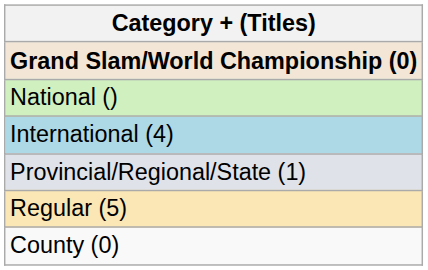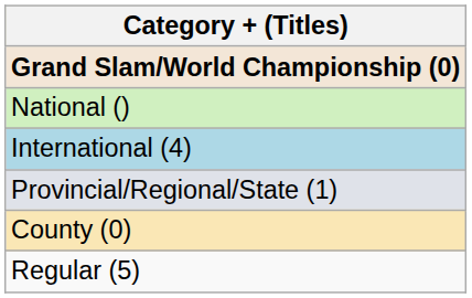 <table class="wikitable" style="display:inline-table;">
 <tr style="background:#ffc;">
 <th>Category + (Titles)</th>
 </tr>
 <tr style="background:#f3e6d7">
 <td><strong>Grand Slam/World Championship (0)</strong></td>
 </tr>
 <tr style="background:#d0f0c0">
 <td>National ()</td>
 </tr>
 <tr style="background:#add8e6">
 <td>International (4)</td>
 </tr>
 <tr style="background:#dfe2e9">
 <td>Provincial/Regional/State (1)</td>
 </tr>
 <tr style="background:#fae7b5">
+<td>County (0)</td>
+</tr>
+<tr>
 <td>Regular (5)</td>
 </tr>
-<tr>
-<td>County (0)</td>
-</tr>
 </table>
